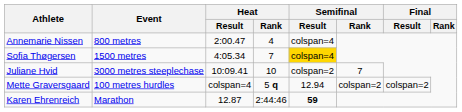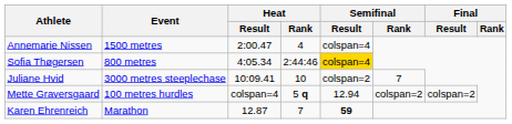 <table class="wikitable" style="font-size:90%">
 <tr>
 <th rowspan="2">Athlete</th>
 <th rowspan="2">Event</th>
 <th colspan="2">Heat</th>
 <th colspan="2">Semifinal</th>
 <th colspan="2">Final</th>
 </tr>
 <tr style="font-size:95%">
 <th>Result</th>
 <th>Rank</th>
 <th>Result</th>
 <th>Rank</th>
 <th>Result</th>
 <th>Rank</th>
 </tr>
 <tr align=center>
 <td align=left><a href='#'>Annemarie Nissen</a></td>
-<td align=left><a href='#'>800 metres</a></td>
+<td align=left><a href='#'>1500 metres</a></td>
 <td>2:00.47</td>
 <td>4</td>
 <td>colspan=4 </td>
 </tr>
 <tr align=center>
 <td align=left><a href='#'>Sofia Thøgersen</a></td>
-<td align=left><a href='#'>1500 metres</a></td>
+<td align=left><a href='#'>800 metres</a></td>
 <td>4:05.34 </td>
-<td>7</td>
+<td>2:44:46</td>
 <td style="background: gold;">colspan=4 </td>
 </tr>
 <tr align=center>
 <td align=left><a href='#'>Juliane Hvid</a></td>
 <td align=left><a href='#'>3000 metres steeplechase</a></td>
 <td>10:09.41</td>
 <td>10</td>
 <td>colspan=2</td>
 <td>7</td>
 </tr>
 <tr align=center>
 <td align=left><a href='#'>Mette Graversgaard</a></td>
 <td align=left><a href='#'>100 metres hurdles</a></td>
 <td>colspan=4</td>
 <td>5 <strong>q</strong></td>
 <td>12.94</td>
 <td>colspan=2 </td>
 <td>colspan=2 </td>
 </tr>
 <tr align=center>
 <td align=left><a href='#'>Karen Ehrenreich</a></td>
 <td align=left><a href='#'>Marathon</a></td>
 <td>12.87</td>
-<td>2:44:46</td>
+<td>7</td>
 <td><strong>59</strong></td>
 </tr>
 </table>
